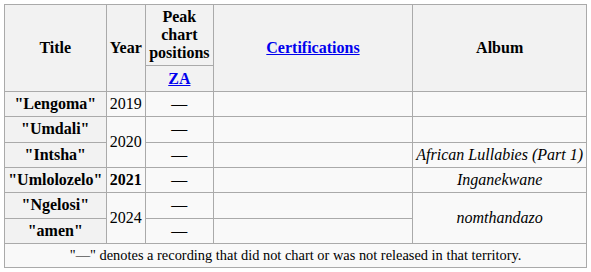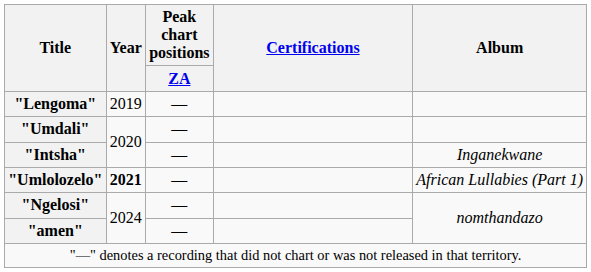 <table class="wikitable plainrowheaders" style="text-align:center;">
 <tr>
 <th scope="col" rowspan="2">Title</th>
 <th scope="col" rowspan="2">Year</th>
 <th scope="col" colspan="1">Peak chart positions</th>
 <th scope="col" rowspan="2" style="width:12em;"><a href='#'>Certifications</a></th>
 <th scope="col" rowspan="2">Album</th>
 </tr>
 <tr>
 <th scope="col" style="width:3em;font-size:100%;"><a href='#'>ZA</a><br></th>
 </tr>
 <tr>
 <th scope="row">"Lengoma"</th>
 <td>2019</td>
 <td>—</td>
 <td></td>
 <td></td>
 </tr>
 <tr>
 <th scope="row">"Umdali"</th>
 <td rowspan=2>2020</td>
 <td>—</td>
 <td></td>
 <td></td>
 </tr>
 <tr>
 <th scope="row">"Intsha"</th>
 <td>—</td>
 <td></td>
-<td><em>African Lullabies (Part 1)</em></td>
+<td><em>Inganekwane</em></td>
 </tr>
 <tr>
 <th scope="row">"Umlolozelo"</th>
 <td><strong>2021</strong></td>
 <td>—</td>
 <td></td>
-<td><em>Inganekwane</em></td>
+<td><em>African Lullabies (Part 1)</em></td>
 </tr>
 <tr>
 <th scope="row">"Ngelosi"</th>
 <td rowspan=2>2024</td>
 <td>—</td>
 <td></td>
 <td rowspan=2><em>nomthandazo</em></td>
 </tr>
 <tr>
 <th scope="row">"amen"</th>
 <td>—</td>
 <td></td>
 </tr>
 <tr>
 <td colspan="8" style="font-size:90%">"—" denotes a recording that did not chart or was not released in that territory.</td>
 </tr>
 </table>
